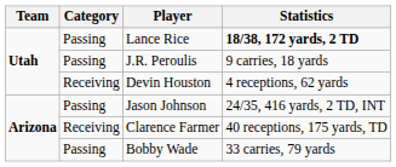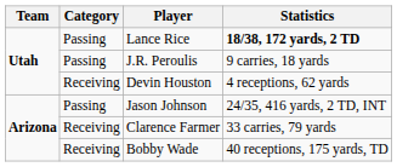 <table class="wikitable" style="float: right;">
 <tr>
 <th>Team</th>
 <th>Category</th>
 <th>Player</th>
 <th>Statistics</th>
 </tr>
 <tr>
 <td rowspan=3><strong>Utah</strong></td>
 <td>Passing</td>
 <td>Lance Rice</td>
 <td><strong>18/38, 172 yards, 2 TD</strong></td>
 </tr>
 <tr>
 <td>Passing</td>
 <td>J.R. Peroulis</td>
 <td>9 carries, 18 yards</td>
 </tr>
 <tr>
 <td>Receiving</td>
 <td>Devin Houston</td>
 <td>4 receptions, 62 yards</td>
 </tr>
 <tr>
 <td rowspan=3><strong>Arizona</strong></td>
 <td>Passing</td>
 <td>Jason Johnson</td>
 <td>24/35, 416 yards, 2 TD, INT</td>
 </tr>
 <tr>
 <td>Receiving</td>
 <td>Clarence Farmer</td>
+<td>33 carries, 79 yards</td>
+</tr>
+<tr>
+<td>Receiving</td>
+<td>Bobby Wade</td>
 <td>40 receptions, 175 yards, TD</td>
 </tr>
-<tr>
-<td>Passing</td>
-<td>Bobby Wade</td>
-<td>33 carries, 79 yards</td>
-</tr>
 </table>
